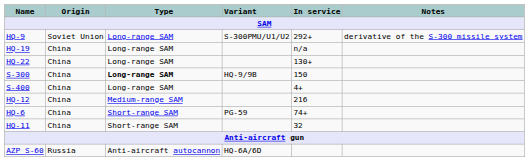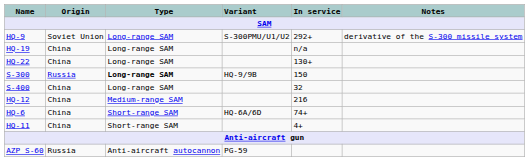 <table class="wikitable">
 <tr>
 <th style="text-align:center; background:#acc;">Name</th>
 <th style="text-align: center; background:#acc;">Origin</th>
 <th style="text-align:l center; background:#acc;">Type</th>
 <th style="text-align:left; background:#acc;">Variant</th>
 <th style="text-align:center; background:#acc;">In service</th>
 <th style="text-align: center; background:#acc;">Notes</th>
 </tr>
 <tr>
 <th colspan="6" style="align: center; background: lavender;"><a href='#'>SAM</a></th>
 </tr>
 <tr>
 <td><a href='#'>HQ-9</a></td>
 <td>Soviet Union</td>
 <td><a href='#'>Long-range SAM</a></td>
 <td>S-300PMU/U1/U2</td>
 <td>292+</td>
 <td>derivative of the <a href='#'>S-300 missile system</a></td>
 </tr>
 <tr>
 <td><a href='#'>HQ-19</a></td>
 <td>China</td>
 <td>Long-range SAM</td>
 <td></td>
 <td>n/a</td>
 <td></td>
 </tr>
 <tr>
 <td><a href='#'>HQ-22</a></td>
 <td>China</td>
 <td>Long-range SAM</td>
 <td></td>
 <td>130+</td>
 <td></td>
 </tr>
 <tr>
 <td><a href='#'>S-300</a></td>
-<td>China</td>
+<td><a href='#'>Russia</a></td>
 <td><strong>Long-range SAM</strong></td>
 <td>HQ-9/9B</td>
 <td>150</td>
 <td></td>
 </tr>
 <tr>
 <td><a href='#'>S-400</a></td>
 <td>China</td>
 <td>Long-range SAM</td>
 <td></td>
-<td>4+</td>
+<td>32</td>
 <td></td>
 </tr>
 <tr>
 <td><a href='#'>HQ-12</a></td>
 <td>China</td>
 <td><a href='#'>Medium-range SAM</a></td>
 <td></td>
 <td>216</td>
 <td></td>
 </tr>
 <tr>
 <td><a href='#'>HQ-6</a></td>
 <td>China</td>
 <td><a href='#'>Short-range SAM</a></td>
-<td>PG-59</td>
+<td>HQ-6A/6D</td>
 <td>74+</td>
 <td></td>
 </tr>
 <tr>
 <td><a href='#'>HQ-11</a></td>
 <td>China</td>
 <td>Short-range SAM</td>
 <td></td>
-<td>32</td>
+<td>4+</td>
 <td></td>
 </tr>
 <tr>
 <th colspan="6" style="align: center; background: lavender;"><a href='#'>Anti-aircraft</a> gun</th>
 </tr>
 <tr>
 <td><a href='#'>AZP S-60</a></td>
 <td>Russia</td>
 <td>Anti-aircraft <a href='#'>autocannon</a></td>
-<td>HQ-6A/6D</td>
+<td>PG-59</td>
 <td></td>
 <td></td>
 </tr>
 </table>
